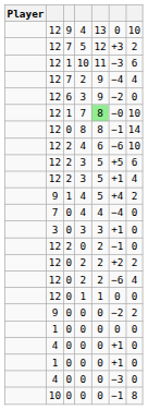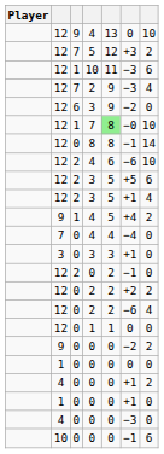 <table class="wikitable sortable" style="text-align:center;">
 <tr>
 <th>Player</th>
 <th></th>
 <th></th>
 <th></th>
 <th></th>
 <th data-sort-type="number"></th>
 <th></th>
 </tr>
 <tr>
 <td></td>
 <td>12</td>
 <td>9</td>
 <td>4</td>
 <td>13</td>
 <td>0</td>
 <td>10</td>
 </tr>
 <tr>
 <td></td>
 <td>12</td>
 <td>7</td>
 <td>5</td>
 <td>12</td>
 <td>+3</td>
 <td>2</td>
 </tr>
 <tr>
 <td></td>
 <td>12</td>
 <td>1</td>
 <td>10</td>
 <td>11</td>
 <td>−3</td>
 <td>6</td>
 </tr>
 <tr>
 <td></td>
 <td>12</td>
 <td>7</td>
 <td>2</td>
 <td>9</td>
-<td>−4</td>
+<td>−3</td>
 <td>4</td>
 </tr>
 <tr>
 <td></td>
 <td>12</td>
 <td>6</td>
 <td>3</td>
 <td>9</td>
 <td>−2</td>
 <td>0</td>
 </tr>
 <tr>
 <td></td>
 <td>12</td>
 <td>1</td>
 <td>7</td>
 <td style="background: lightgreen;">8</td>
 <td>−0</td>
 <td>10</td>
 </tr>
 <tr>
 <td></td>
 <td>12</td>
 <td>0</td>
 <td>8</td>
 <td>8</td>
 <td>−1</td>
 <td>14</td>
 </tr>
 <tr>
 <td></td>
 <td>12</td>
 <td>2</td>
 <td>4</td>
 <td>6</td>
 <td>−6</td>
 <td>10</td>
 </tr>
 <tr>
 <td></td>
 <td>12</td>
 <td>2</td>
 <td>3</td>
 <td>5</td>
 <td>+5</td>
 <td>6</td>
 </tr>
 <tr>
 <td></td>
 <td>12</td>
 <td>2</td>
 <td>3</td>
 <td>5</td>
 <td>+1</td>
 <td>4</td>
 </tr>
 <tr>
 <td></td>
 <td>9</td>
 <td>1</td>
 <td>4</td>
 <td>5</td>
 <td>+4</td>
 <td>2</td>
 </tr>
 <tr>
 <td></td>
 <td>7</td>
 <td>0</td>
 <td>4</td>
 <td>4</td>
 <td>−4</td>
 <td>0</td>
 </tr>
 <tr>
 <td></td>
 <td>3</td>
 <td>0</td>
 <td>3</td>
 <td>3</td>
 <td>+1</td>
 <td>0</td>
 </tr>
 <tr>
 <td></td>
 <td>12</td>
 <td>2</td>
 <td>0</td>
 <td>2</td>
 <td>−1</td>
 <td>0</td>
 </tr>
 <tr>
 <td></td>
 <td>12</td>
 <td>0</td>
 <td>2</td>
 <td>2</td>
 <td>+2</td>
 <td>2</td>
 </tr>
 <tr>
 <td></td>
 <td>12</td>
 <td>0</td>
 <td>2</td>
 <td>2</td>
 <td>−6</td>
 <td>4</td>
 </tr>
 <tr>
 <td></td>
 <td>12</td>
 <td>0</td>
 <td>1</td>
 <td>1</td>
 <td>0</td>
 <td>0</td>
 </tr>
 <tr>
 <td></td>
 <td>9</td>
 <td>0</td>
 <td>0</td>
 <td>0</td>
 <td>−2</td>
 <td>2</td>
 </tr>
 <tr>
 <td></td>
 <td>1</td>
 <td>0</td>
 <td>0</td>
 <td>0</td>
 <td>0</td>
 <td>0</td>
 </tr>
 <tr>
 <td></td>
 <td>4</td>
 <td>0</td>
 <td>0</td>
 <td>0</td>
 <td>+1</td>
-<td>0</td>
+<td>2</td>
 </tr>
 <tr>
 <td></td>
 <td>1</td>
 <td>0</td>
 <td>0</td>
 <td>0</td>
 <td>+1</td>
 <td>0</td>
 </tr>
 <tr>
 <td></td>
 <td>4</td>
 <td>0</td>
 <td>0</td>
 <td>0</td>
 <td>−3</td>
 <td>0</td>
 </tr>
 <tr>
 <td></td>
 <td>10</td>
 <td>0</td>
 <td>0</td>
 <td>0</td>
 <td>−1</td>
-<td>8</td>
+<td>6</td>
 </tr>
 </table>
